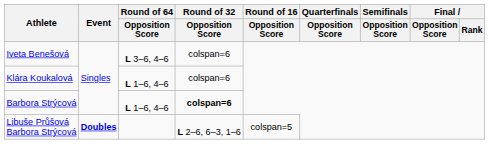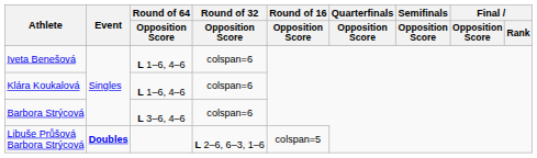 <table class=wikitable style="font-size:90%">
 <tr>
 <th rowspan="2">Athlete</th>
 <th rowspan="2">Event</th>
 <th>Round of 64</th>
 <th>Round of 32</th>
 <th>Round of 16</th>
 <th>Quarterfinals</th>
 <th>Semifinals</th>
 <th colspan=2>Final / </th>
 </tr>
 <tr style="font-size:95%">
 <th>Opposition<br>Score</th>
 <th>Opposition<br>Score</th>
 <th>Opposition<br>Score</th>
 <th>Opposition<br>Score</th>
 <th>Opposition<br>Score</th>
 <th>Opposition<br>Score</th>
 <th>Rank</th>
 </tr>
 <tr align=center>
 <td align=left><a href='#'>Iveta Benešová</a></td>
 <td align=left rowspan=3><a href='#'>Singles</a></td>
-<td><br><strong>L</strong> 3–6, 4–6</td>
+<td><br><strong>L</strong> 1–6, 4–6</td>
 <td>colspan=6 </td>
 </tr>
 <tr align=center>
 <td align=left><a href='#'>Klára Koukalová</a></td>
 <td><br><strong>L</strong> 1–6, 4–6</td>
 <td>colspan=6 </td>
 </tr>
 <tr align=center>
 <td align=left><a href='#'>Barbora Strýcová</a></td>
-<td><br><strong>L</strong> 1–6, 4–6</td>
-<td><strong>colspan=6 </strong></td>
+<td><br><strong>L</strong> 3–6, 4–6</td>
+<td>colspan=6 </td>
 </tr>
 <tr align=center>
 <td align=left><a href='#'>Libuše Průšová</a><br><a href='#'>Barbora Strýcová</a></td>
 <td align=left><strong><a href='#'>Doubles</a></strong></td>
 <td></td>
 <td><br><strong>L</strong> 2–6, 6–3, 1–6</td>
 <td>colspan=5 </td>
 </tr>
 </table>
